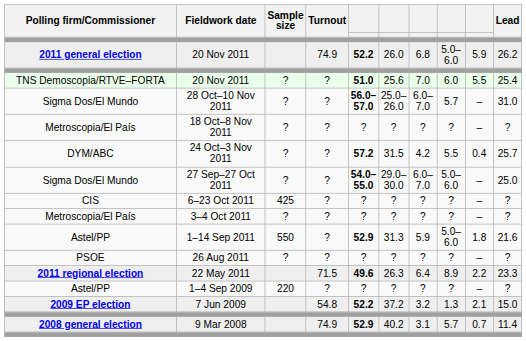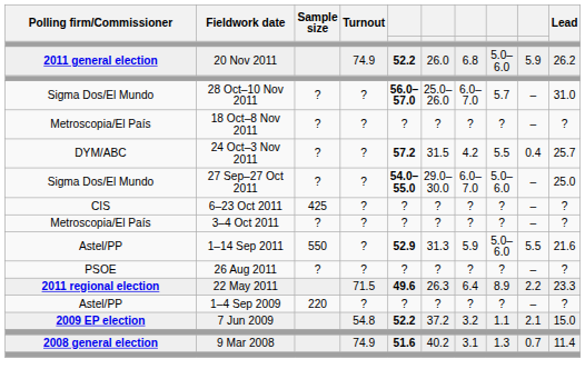 <table class="wikitable collapsible collapsed" style="text-align:center; font-size:95%; line-height:16px;">
 <tr style="height:42px;">
 <th style="width:250px;" rowspan="2">Polling firm/Commissioner</th>
 <th style="width:125px;" rowspan="2">Fieldwork date</th>
 <th style="width:50px;" rowspan="2">Sample size</th>
 <th style="width:45px;" rowspan="2">Turnout</th>
 <th style="width:35px;"></th>
 <th style="width:35px;"></th>
 <th style="width:35px;"></th>
 <th style="width:35px;"><br></th>
 <th style="width:35px;"></th>
 <th style="width:30px;" rowspan="2">Lead</th>
 </tr>
 <tr>
 <th style="color:inherit;background:"></th>
 <th style="color:inherit;background:"></th>
 <th style="color:inherit;background:"></th>
 <th style="color:inherit;background:"></th>
 <th style="color:inherit;background:"></th>
 </tr>
 <tr>
 <td colspan="10" style="background:#A0A0A0"></td>
 </tr>
 <tr style="background:#EFEFEF;">
 <td><strong><a href='#'>2011 general election</a></strong></td>
 <td>20 Nov 2011</td>
 <td></td>
 <td>74.9</td>
 <td><strong>52.2</strong><br></td>
 <td>26.0<br></td>
 <td>6.8<br></td>
 <td>5.0–<br>6.0<br></td>
 <td>5.9<br></td>
 <td style="background:">26.2</td>
 </tr>
 <tr>
 <td colspan="10" style="background:#A0A0A0"></td>
-</tr>
-<tr style="background:#EAFFEA;">
-<td>TNS Demoscopia/RTVE–FORTA</td>
-<td>20 Nov 2011</td>
-<td>?</td>
-<td>?</td>
-<td><strong>51.0</strong><br></td>
-<td>25.6<br></td>
-<td>7.0<br></td>
-<td>6.0<br></td>
-<td>5.5<br></td>
-<td style="background:">25.4</td>
 </tr>
 <tr>
 <td>Sigma Dos/El Mundo</td>
 <td>28 Oct–10 Nov 2011</td>
 <td>?</td>
 <td>?</td>
 <td><strong>56.0–<br>57.0</strong><br></td>
 <td>25.0–<br>26.0<br></td>
 <td>6.0–<br>7.0<br></td>
 <td>5.7<br></td>
 <td>–</td>
 <td style="background:">31.0</td>
 </tr>
 <tr>
 <td>Metroscopia/El País</td>
 <td>18 Oct–8 Nov 2011</td>
 <td>?</td>
 <td>?</td>
 <td>?<br></td>
 <td>?<br></td>
 <td>?<br></td>
 <td>?<br></td>
 <td>–</td>
 <td style="background:">?</td>
 </tr>
 <tr>
 <td>DYM/ABC</td>
 <td>24 Oct–3 Nov 2011</td>
 <td>?</td>
 <td>?</td>
 <td><strong>57.2</strong><br></td>
 <td>31.5<br></td>
 <td>4.2<br></td>
 <td>5.5<br></td>
 <td>0.4<br></td>
 <td style="background:">25.7</td>
 </tr>
 <tr>
 <td>Sigma Dos/El Mundo</td>
 <td>27 Sep–27 Oct 2011</td>
 <td>?</td>
 <td>?</td>
 <td><strong>54.0–<br>55.0</strong><br></td>
 <td>29.0–<br>30.0<br></td>
 <td>6.0–<br>7.0<br></td>
 <td>5.0–<br>6.0<br></td>
 <td>–</td>
 <td style="background:">25.0</td>
 </tr>
 <tr>
 <td>CIS</td>
 <td>6–23 Oct 2011</td>
 <td>425</td>
 <td>?</td>
 <td>?<br></td>
 <td>?<br></td>
 <td>?<br></td>
 <td>?<br></td>
 <td>–</td>
 <td style="background:">?</td>
 </tr>
 <tr>
 <td>Metroscopia/El País</td>
 <td>3–4 Oct 2011</td>
 <td>?</td>
 <td>?</td>
 <td>?<br></td>
 <td>?<br></td>
 <td>?<br></td>
 <td>?<br></td>
 <td>–</td>
 <td style="background:">?</td>
 </tr>
 <tr>
 <td>Astel/PP</td>
 <td>1–14 Sep 2011</td>
 <td>550</td>
 <td>?</td>
 <td><strong>52.9</strong><br></td>
 <td>31.3<br></td>
 <td>5.9<br></td>
 <td>5.0–<br>6.0<br></td>
-<td>1.8<br></td>
+<td>5.5<br></td>
 <td style="background:">21.6</td>
 </tr>
 <tr>
 <td>PSOE</td>
 <td>26 Aug 2011</td>
 <td>?</td>
 <td>?</td>
 <td>?<br></td>
 <td>?<br></td>
 <td>?<br></td>
 <td>?<br></td>
 <td>–</td>
 <td style="background:">?</td>
 </tr>
 <tr style="background:#EFEFEF;">
 <td><strong><a href='#'>2011 regional election</a></strong></td>
 <td>22 May 2011</td>
 <td></td>
 <td>71.5</td>
 <td><strong>49.6</strong><br></td>
 <td>26.3<br></td>
 <td>6.4<br></td>
 <td>8.9<br></td>
 <td>2.2<br></td>
 <td style="background:">23.3</td>
 </tr>
 <tr>
 <td>Astel/PP</td>
 <td>1–4 Sep 2009</td>
 <td>220</td>
 <td>?</td>
 <td>?<br></td>
 <td>?<br></td>
 <td>?<br></td>
 <td>?<br></td>
 <td>–</td>
 <td style="background:">?</td>
 </tr>
 <tr style="background:#EFEFEF;">
 <td><strong><a href='#'>2009 EP election</a></strong></td>
 <td>7 Jun 2009</td>
 <td></td>
 <td>54.8</td>
 <td><strong>52.2</strong><br></td>
 <td>37.2<br></td>
 <td>3.2<br></td>
-<td>1.3<br></td>
+<td>1.1<br></td>
 <td>2.1<br></td>
 <td style="background:">15.0</td>
 </tr>
 <tr>
 <td colspan="10" style="background:#A0A0A0"></td>
 </tr>
 <tr style="background:#EFEFEF;">
 <td><strong><a href='#'>2008 general election</a></strong></td>
 <td>9 Mar 2008</td>
 <td></td>
 <td>74.9</td>
-<td><strong>52.9</strong><br></td>
+<td><strong>51.6</strong><br></td>
 <td>40.2<br></td>
 <td>3.1<br></td>
-<td>5.7<br></td>
+<td>1.3<br></td>
 <td>0.7<br></td>
 <td style="background:">11.4</td>
 </tr>
 <tr>
 <td colspan="10" style="background:#A0A0A0"></td>
 </tr>
 </table>
